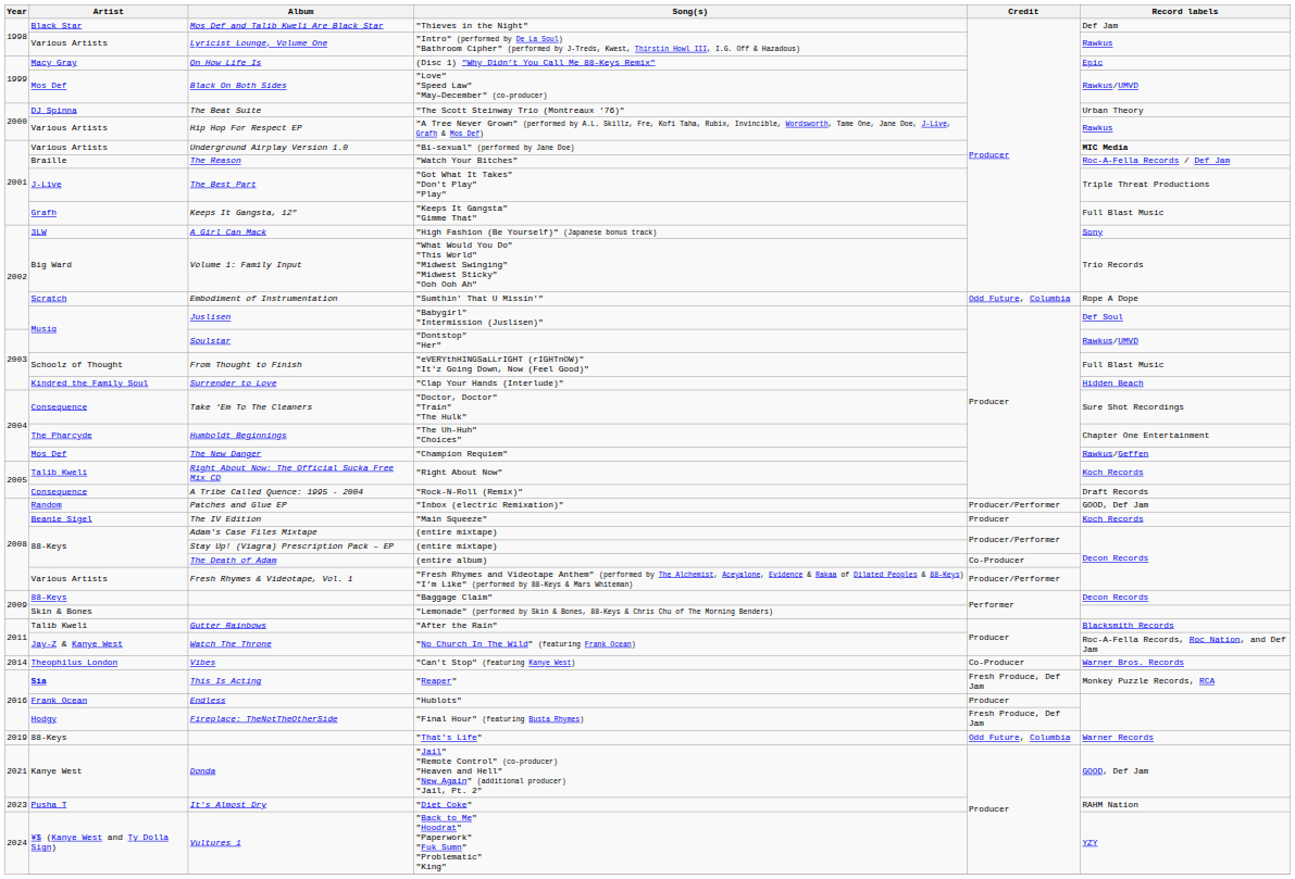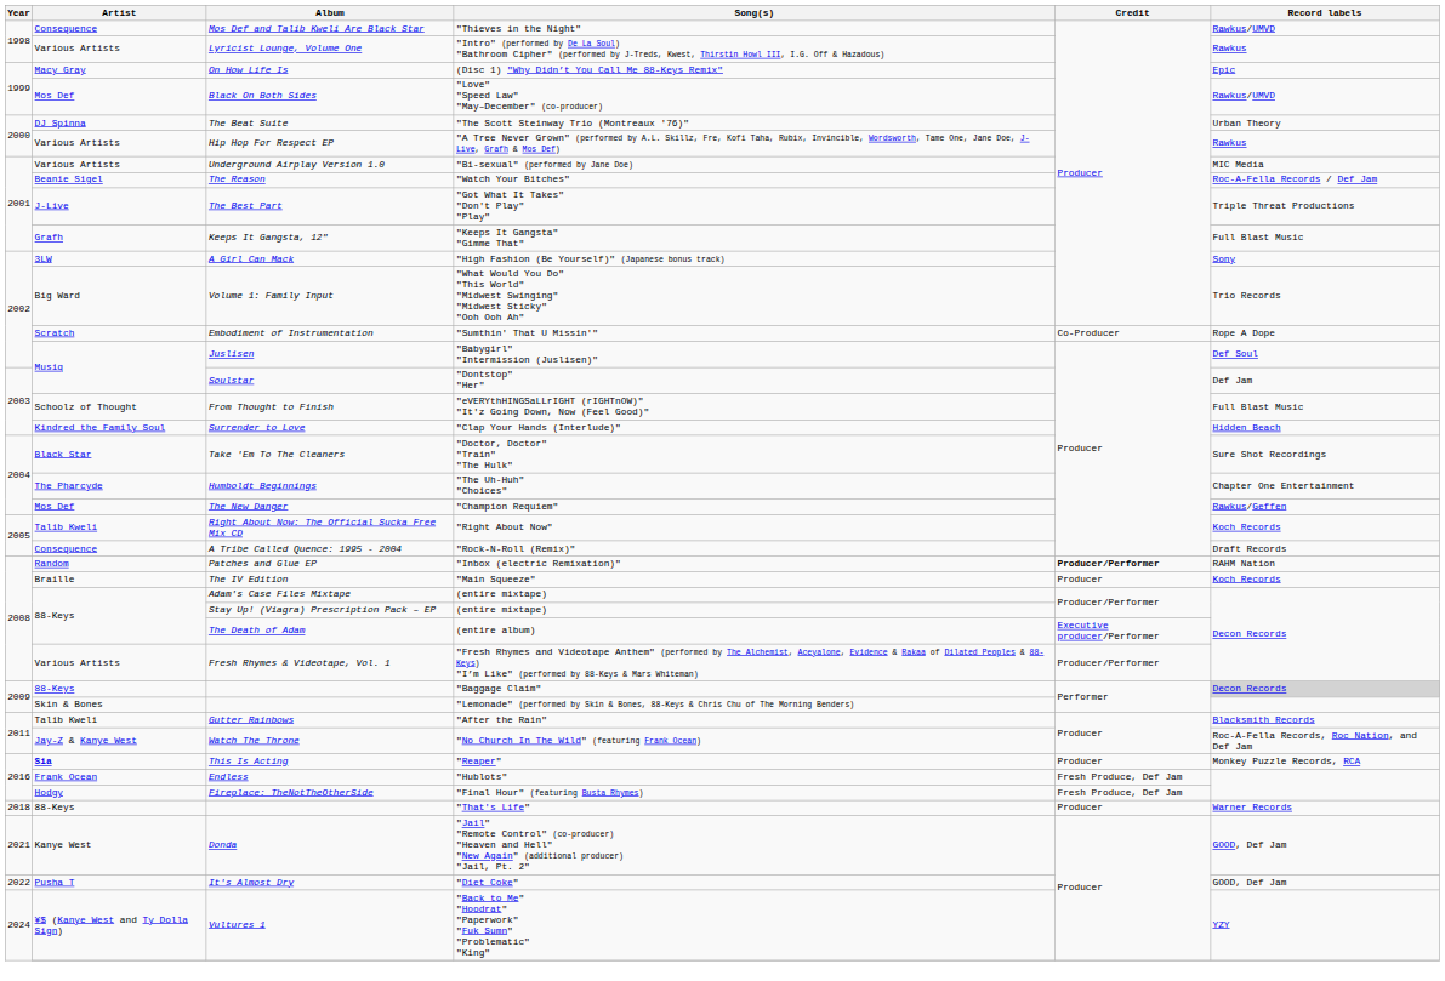 <table class="wikitable">
 <tr>
 <th>Year</th>
 <th>Artist</th>
 <th>Album</th>
 <th>Song(s)</th>
 <th>Credit</th>
 <th>Record labels</th>
 </tr>
 <tr>
 <td rowspan="2">1998</td>
-<td><a href='#'>Black Star</a></td>
+<td><a href='#'>Consequence</a></td>
 <td><em><a href='#'>Mos Def and Talib Kweli Are Black Star</a></em></td>
 <td>"Thieves in the Night"</td>
 <td rowspan="12"><a href='#'>Producer</a></td>
-<td>Def Jam</td>
+<td><a href='#'>Rawkus</a>/<a href='#'>UMVD</a></td>
 </tr>
 <tr>
 <td>Various Artists</td>
 <td><em><a href='#'>Lyricist Lounge, Volume One</a></em></td>
 <td>"Intro" <small>(performed by <a href='#'>De La Soul</a>)</small><br>"Bathroom Cipher" <small>(performed by J-Treds, Kwest, <a href='#'>Thirstin Howl III</a>, I.G. Off & Hazadous)</small></td>
 <td><a href='#'>Rawkus</a></td>
 </tr>
 <tr>
 <td rowspan="2">1999</td>
 <td><a href='#'>Macy Gray</a></td>
 <td><em><a href='#'>On How Life Is</a></em></td>
 <td>(Disc 1) <a href='#'>"Why Didn’t You Call Me 88-Keys Remix"</a></td>
 <td><a href='#'>Epic</a></td>
 </tr>
 <tr>
 <td><a href='#'>Mos Def</a></td>
 <td><em><a href='#'>Black On Both Sides</a></em></td>
 <td>"Love"<br>"Speed Law"<br> "May–December" <small>(co-producer)</small></td>
 <td><a href='#'>Rawkus</a>/<a href='#'>UMVD</a></td>
 </tr>
 <tr>
 <td rowspan="2">2000</td>
 <td><a href='#'>DJ Spinna</a></td>
 <td><em>The Beat Suite</em></td>
 <td>"The Scott Steinway Trio (Montreaux '76)"</td>
 <td>Urban Theory</td>
 </tr>
 <tr>
 <td>Various Artists</td>
 <td><em>Hip Hop For Respect EP</em></td>
 <td>"A Tree Never Grown" <small>(performed by A.L. Skillz, Fre, Kofi Taha, Rubix, Invincible, <a href='#'>Wordsworth</a>, Tame One, Jane Doe, <a href='#'>J-Live</a>, <a href='#'>Grafh</a> & <a href='#'>Mos Def</a>)</small></td>
 <td><a href='#'>Rawkus</a></td>
 </tr>
 <tr>
 <td rowspan="4">2001</td>
 <td>Various Artists</td>
 <td><em>Underground Airplay Version 1.0</em></td>
 <td>"Bi-sexual" <small>(performed by Jane Doe)</small></td>
-<td><strong>MIC Media</strong></td>
+<td>MIC Media</td>
 </tr>
 <tr>
-<td>Braille</td>
+<td><a href='#'>Beanie Sigel</a></td>
 <td><em><a href='#'>The Reason</a></em></td>
 <td>"Watch Your Bitches"</td>
 <td><a href='#'>Roc-A-Fella Records</a> / <a href='#'>Def Jam</a></td>
 </tr>
 <tr>
 <td><a href='#'>J-Live</a></td>
 <td><em><a href='#'>The Best Part</a></em></td>
 <td>"Got What It Takes"<br>"Don't Play"<br> "Play"</td>
 <td>Triple Threat Productions</td>
 </tr>
 <tr>
 <td><a href='#'>Grafh</a></td>
 <td><em>Keeps It Gangsta, 12"</em></td>
 <td>"Keeps It Gangsta"<br>"Gimme That"</td>
 <td>Full Blast Music</td>
 </tr>
 <tr>
 <td rowspan="4">2002</td>
 <td><a href='#'>3LW</a></td>
 <td><em><a href='#'>A Girl Can Mack</a></em></td>
 <td>"High Fashion (Be Yourself)" <small>(Japanese bonus track)</small></td>
 <td><a href='#'>Sony</a></td>
 </tr>
 <tr>
 <td>Big Ward</td>
 <td><em>Volume 1: Family Input</em></td>
 <td>"What Would You Do"<br>"This World"<br> "Midwest Swinging"<br> "Midwest Sticky"<br> "Ooh Ooh Ah"</td>
 <td>Trio Records</td>
 </tr>
 <tr>
 <td><a href='#'>Scratch</a></td>
 <td><em>Embodiment of Instrumentation</em></td>
 <td>"Sumthin' That U Missin'"</td>
-<td><a href='#'>Odd Future</a>, <a href='#'>Columbia</a></td>
+<td>Co-Producer</td>
 <td>Rope A Dope</td>
 </tr>
 <tr>
 <td rowspan="2"><a href='#'>Musiq</a></td>
 <td><em><a href='#'>Juslisen</a></em></td>
 <td>"Babygirl"<br>"Intermission (Juslisen)"</td>
 <td rowspan="9">Producer</td>
 <td><a href='#'>Def Soul</a></td>
 </tr>
 <tr>
 <td rowspan="3">2003</td>
 <td><em><a href='#'>Soulstar</a></em></td>
 <td>"Dontstop"<br>"Her"</td>
-<td><a href='#'>Rawkus</a>/<a href='#'>UMVD</a></td>
+<td>Def Jam</td>
 </tr>
 <tr>
 <td>Schoolz of Thought</td>
 <td><em>From Thought to Finish</em></td>
 <td>"eVERYthHINGSaLLrIGHT (rIGHTnOW)"<br>"It'z Going Down, Now (Feel Good)"</td>
 <td>Full Blast Music</td>
 </tr>
 <tr>
 <td><a href='#'>Kindred the Family Soul</a></td>
 <td><em><a href='#'>Surrender to Love</a></em></td>
 <td>"Clap Your Hands (Interlude)"</td>
 <td><a href='#'>Hidden Beach</a></td>
 </tr>
 <tr>
 <td rowspan="3">2004</td>
-<td><a href='#'>Consequence</a></td>
+<td><a href='#'>Black Star</a></td>
 <td><em>Take 'Em To The Cleaners</em></td>
 <td>"Doctor, Doctor"<br>"Train"<br> "The Hulk"</td>
 <td>Sure Shot Recordings</td>
 </tr>
 <tr>
 <td><a href='#'>The Pharcyde</a></td>
 <td><em><a href='#'>Humboldt Beginnings</a></em></td>
 <td>"The Uh-Huh"<br>"Choices"</td>
 <td>Chapter One Entertainment</td>
 </tr>
 <tr>
 <td><a href='#'>Mos Def</a></td>
 <td><em><a href='#'>The New Danger</a></em></td>
 <td>"Champion Requiem"</td>
 <td><a href='#'>Rawkus</a>/<a href='#'>Geffen</a></td>
 </tr>
 <tr>
 <td rowspan="2">2005</td>
 <td><a href='#'>Talib Kweli</a></td>
 <td><em><a href='#'>Right About Now: The Official Sucka Free Mix CD</a></em></td>
 <td>"Right About Now"</td>
 <td><a href='#'>Koch Records</a></td>
 </tr>
 <tr>
 <td><a href='#'>Consequence</a></td>
 <td><em>A Tribe Called Quence: 1995 - 2004</em></td>
 <td>"Rock-N-Roll (Remix)"</td>
 <td>Draft Records</td>
 </tr>
 <tr>
 <td rowspan="6">2008</td>
 <td><a href='#'>Random</a></td>
 <td><em>Patches and Glue EP</em></td>
 <td>"Inbox (electric Remixation)"</td>
-<td>Producer/Performer</td>
-<td>GOOD, Def Jam</td>
+<td><strong>Producer/Performer</strong></td>
+<td>RAHM Nation</td>
 </tr>
 <tr>
-<td><a href='#'>Beanie Sigel</a></td>
+<td>Braille</td>
 <td><em>The IV Edition</em></td>
 <td>"Main Squeeze"</td>
 <td>Producer</td>
 <td><a href='#'>Koch Records</a></td>
 </tr>
 <tr>
 <td rowspan="3">88-Keys</td>
 <td><em>Adam's Case Files Mixtape</em></td>
 <td>(entire mixtape)</td>
 <td rowspan="2">Producer/Performer</td>
 <td rowspan="4"><a href='#'>Decon Records</a></td>
 </tr>
 <tr>
 <td><em>Stay Up! (Viagra) Prescription Pack – EP</em></td>
 <td>(entire mixtape)</td>
 </tr>
 <tr>
 <td><em><a href='#'>The Death of Adam</a></em></td>
 <td>(entire album)</td>
-<td>Co-Producer</td>
+<td><a href='#'>Executive producer</a>/Performer</td>
 </tr>
 <tr>
 <td>Various Artists</td>
 <td><em>Fresh Rhymes & Videotape, Vol. 1</em></td>
 <td>"Fresh Rhymes and Videotape Anthem" <small>(performed by <a href='#'>The Alchemist</a>, <a href='#'>Aceyalone</a>, <a href='#'>Evidence</a> & <a href='#'>Rakaa</a> of <a href='#'>Dilated Peoples</a> & <a href='#'>88-Keys</a>)</small><br>"I’m Like" <small>(performed by 88-Keys & Mars Whiteman)</small><br></td>
 <td>Producer/Performer</td>
 </tr>
 <tr>
 <td rowspan="2">2009</td>
 <td><a href='#'>88-Keys</a></td>
 <td></td>
 <td>"Baggage Claim"</td>
 <td rowspan="2">Performer</td>
-<td><a href='#'>Decon Records</a></td>
+<td style="background: lightgrey;"><a href='#'>Decon Records</a></td>
 </tr>
 <tr>
 <td>Skin & Bones</td>
 <td></td>
 <td>"Lemonade" <small>(performed by Skin & Bones, 88-Keys & Chris Chu of The Morning Benders)</small></td>
 </tr>
 <tr>
 <td rowspan="2">2011</td>
 <td>Talib Kweli</td>
 <td><em><a href='#'>Gutter Rainbows</a></em></td>
 <td>"After the Rain"</td>
 <td rowspan="2">Producer</td>
 <td><a href='#'>Blacksmith Records</a></td>
 </tr>
 <tr>
 <td><a href='#'>Jay-Z</a> & <a href='#'>Kanye West</a></td>
 <td><em><a href='#'>Watch The Throne</a></em></td>
 <td>"<a href='#'>No Church In The Wild</a>" <small>(featuring <a href='#'>Frank Ocean</a>)</small></td>
 <td>Roc-A-Fella Records, <a href='#'>Roc Nation</a>, and Def Jam</td>
 </tr>
 <tr>
-<td rowspan="1">2014</td>
-<td><a href='#'>Theophilus London</a></td>
-<td><em><a href='#'>Vibes</a></em></td>
-<td>"Can't Stop" <small>(featuring <a href='#'>Kanye West</a>)</small></td>
-<td>Co-Producer</td>
-<td><a href='#'>Warner Bros. Records</a></td>
-</tr>
-<tr>
 <td rowspan="3">2016</td>
 <td><strong><a href='#'>Sia</a></strong></td>
 <td><em><a href='#'>This Is Acting</a></em></td>
 <td>"<a href='#'>Reaper</a>"</td>
-<td>Fresh Produce, Def Jam</td>
+<td>Producer</td>
 <td>Monkey Puzzle Records, <a href='#'>RCA</a></td>
 </tr>
 <tr>
 <td><a href='#'>Frank Ocean</a></td>
 <td><em><a href='#'>Endless</a></em></td>
 <td>"Hublots"</td>
-<td>Producer</td>
+<td>Fresh Produce, Def Jam</td>
 </tr>
 <tr>
 <td><a href='#'>Hodgy</a></td>
 <td><em><a href='#'>Fireplace: TheNotTheOtherSide</a></em></td>
 <td>"Final Hour" <small>(featuring <a href='#'>Busta Rhymes</a>)</small></td>
 <td>Fresh Produce, Def Jam</td>
 </tr>
 <tr>
-<td>2019</td>
+<td>2018</td>
 <td>88-Keys</td>
 <td></td>
 <td>"<a href='#'>That's Life</a>" </td>
-<td><a href='#'>Odd Future</a>, <a href='#'>Columbia</a></td>
+<td>Producer</td>
 <td><a href='#'>Warner Records</a></td>
 </tr>
 <tr>
 <td>2021</td>
 <td>Kanye West</td>
 <td><em><a href='#'>Donda</a></em></td>
 <td>"<a href='#'>Jail</a>"<br>"Remote Control" <small>(co-producer)</small><br> "Heaven and Hell"<br> "<a href='#'>New Again</a>" <small>(additional producer)</small><br> "Jail, Pt. 2"<br></td>
 <td rowspan="3">Producer</td>
 <td><a href='#'>GOOD</a>, Def Jam</td>
 </tr>
 <tr>
-<td>2023</td>
+<td>2022</td>
 <td><a href='#'>Pusha T</a></td>
 <td><em><a href='#'>It's Almost Dry</a></em></td>
 <td>"<a href='#'>Diet Coke</a>"</td>
-<td>RAHM Nation</td>
+<td>GOOD, Def Jam</td>
 </tr>
 <tr>
 <td rowspan="2">2024</td>
 <td><a href='#'>¥$</a> (<a href='#'>Kanye West</a> and <a href='#'>Ty Dolla Sign</a>)</td>
 <td><em><a href='#'>Vultures 1</a></em></td>
 <td>"<a href='#'>Back to Me</a>"<br>"<a href='#'>Hoodrat</a>"<br>"Paperwork"<br>"<a href='#'>Fuk Sumn</a>"<br>"Problematic"<br>"King"<br></td>
 <td><a href='#'>YZY</a></td>
 </tr>
 <tr>
 </tr>
 </table>
